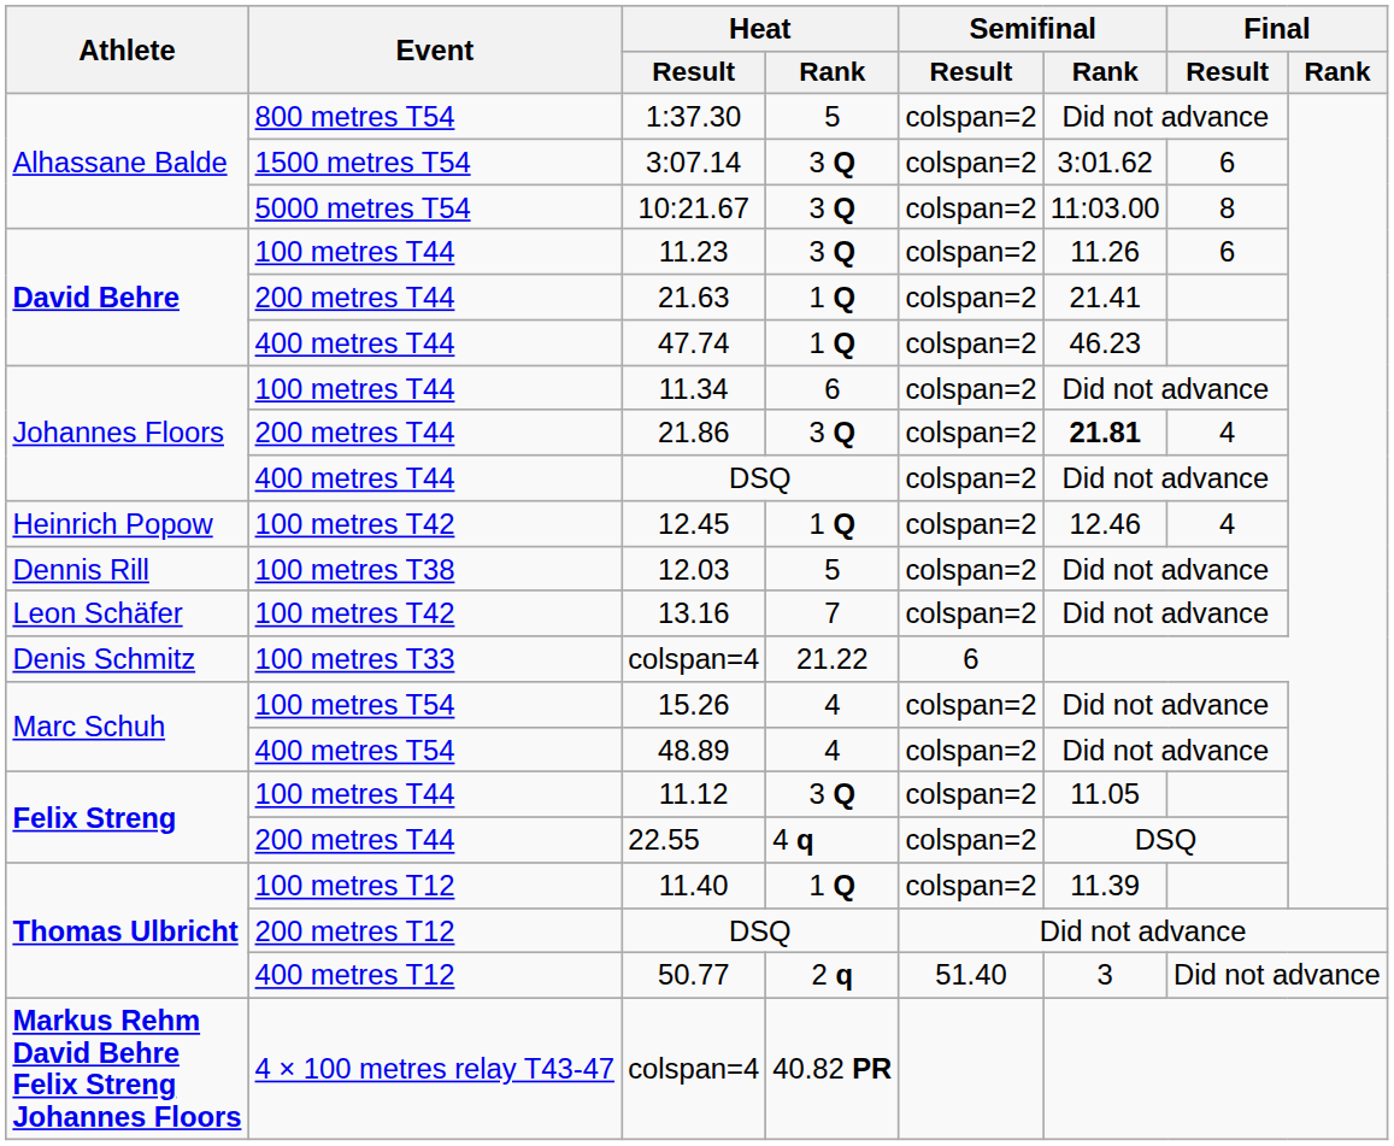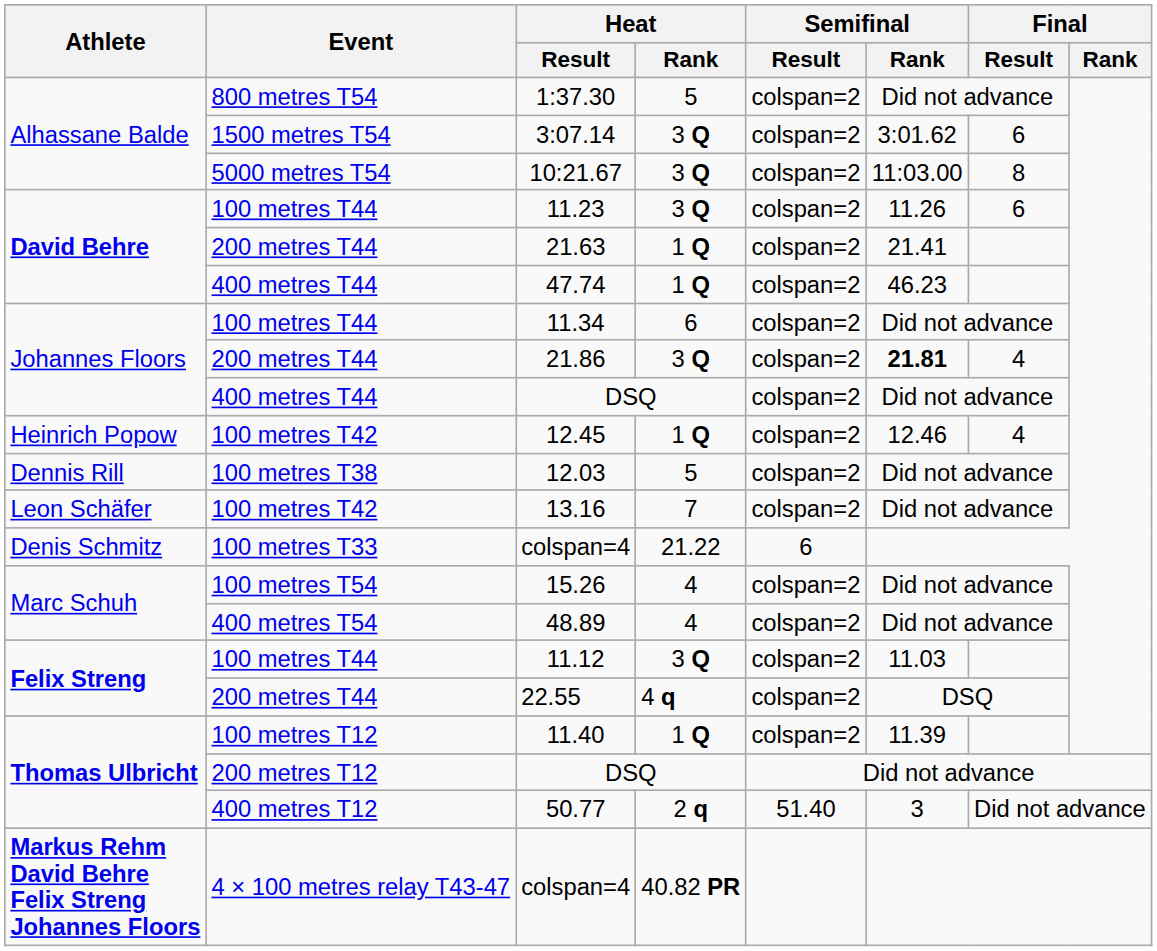 <table class="wikitable" style="font-size:90%">
 <tr>
 <th rowspan="2">Athlete</th>
 <th rowspan="2">Event</th>
 <th colspan="2">Heat</th>
 <th colspan="2">Semifinal</th>
 <th colspan="2">Final</th>
 </tr>
 <tr style="font-size:95%">
 <th>Result</th>
 <th>Rank</th>
 <th>Result</th>
 <th>Rank</th>
 <th>Result</th>
 <th>Rank</th>
 </tr>
 <tr align=center>
 <td align=left rowspan=3><a href='#'>Alhassane Balde</a></td>
 <td align=left><a href='#'>800 metres T54</a></td>
 <td>1:37.30</td>
 <td>5</td>
 <td>colspan=2</td>
 <td colspan=2>Did not advance</td>
 </tr>
 <tr align=center>
 <td align=left><a href='#'>1500 metres T54</a></td>
 <td>3:07.14</td>
 <td>3 <strong>Q</strong></td>
 <td>colspan=2</td>
 <td>3:01.62</td>
 <td>6</td>
 </tr>
 <tr align=center>
 <td align=left><a href='#'>5000 metres T54</a></td>
 <td>10:21.67</td>
 <td>3 <strong>Q</strong></td>
 <td>colspan=2</td>
 <td>11:03.00</td>
 <td>8</td>
 </tr>
 <tr align=center>
 <td align=left rowspan=3><strong><a href='#'>David Behre</a></strong></td>
 <td align=left><a href='#'>100 metres T44</a></td>
 <td>11.23</td>
 <td>3 <strong>Q</strong></td>
 <td>colspan=2</td>
 <td>11.26</td>
 <td>6</td>
 </tr>
 <tr align=center>
 <td align=left><a href='#'>200 metres T44</a></td>
 <td>21.63</td>
 <td>1 <strong>Q</strong></td>
 <td>colspan=2</td>
 <td>21.41</td>
 <td></td>
 </tr>
 <tr align=center>
 <td align=left><a href='#'>400 metres T44</a></td>
 <td>47.74</td>
 <td>1 <strong>Q</strong></td>
 <td>colspan=2</td>
 <td>46.23</td>
 <td></td>
 </tr>
 <tr align=center>
 <td align=left rowspan=3><a href='#'>Johannes Floors</a></td>
 <td align=left><a href='#'>100 metres T44</a></td>
 <td>11.34</td>
 <td>6</td>
 <td>colspan=2</td>
 <td colspan=2>Did not advance</td>
 </tr>
 <tr align=center>
 <td align=left><a href='#'>200 metres T44</a></td>
 <td>21.86</td>
 <td>3 <strong>Q</strong></td>
 <td>colspan=2</td>
 <td><strong>21.81</strong></td>
 <td>4</td>
 </tr>
 <tr align=center>
 <td align=left><a href='#'>400 metres T44</a></td>
 <td colspan=2>DSQ</td>
 <td>colspan=2</td>
 <td colspan=2>Did not advance</td>
 </tr>
 <tr align=center>
 <td align=left><a href='#'>Heinrich Popow</a></td>
 <td align=left><a href='#'>100 metres T42</a></td>
 <td>12.45</td>
 <td>1 <strong>Q</strong></td>
 <td>colspan=2</td>
 <td>12.46</td>
 <td>4</td>
 </tr>
 <tr align=center>
 <td align=left><a href='#'>Dennis Rill</a></td>
 <td align=left><a href='#'>100 metres T38</a></td>
 <td>12.03</td>
 <td>5</td>
 <td>colspan=2</td>
 <td colspan=2>Did not advance</td>
 </tr>
 <tr align=center>
 <td align=left><a href='#'>Leon Schäfer</a></td>
 <td align=left><a href='#'>100 metres T42</a></td>
 <td>13.16</td>
 <td>7</td>
 <td>colspan=2</td>
 <td colspan=2>Did not advance</td>
 </tr>
 <tr align=center>
 <td align=left><a href='#'>Denis Schmitz</a></td>
 <td align=left><a href='#'>100 metres T33</a></td>
 <td>colspan=4</td>
 <td>21.22</td>
 <td>6</td>
 </tr>
 <tr align=center>
 <td align=left rowspan=2><a href='#'>Marc Schuh</a></td>
 <td align=left><a href='#'>100 metres T54</a></td>
 <td>15.26</td>
 <td>4</td>
 <td>colspan=2</td>
 <td colspan=2>Did not advance</td>
 </tr>
 <tr align=center>
 <td align=left><a href='#'>400 metres T54</a></td>
 <td>48.89</td>
 <td>4</td>
 <td>colspan=2</td>
 <td colspan=2>Did not advance</td>
 </tr>
 <tr align=center>
 <td align=left rowspan=2><strong><a href='#'>Felix Streng</a></strong></td>
 <td align=left><a href='#'>100 metres T44</a></td>
 <td>11.12</td>
 <td>3 <strong>Q</strong></td>
 <td>colspan=2</td>
-<td>11.05</td>
+<td>11.03</td>
 <td></td>
 </tr>
 <tr>
 <td align=left><a href='#'>200 metres T44</a></td>
 <td>22.55</td>
 <td>4 <strong>q</strong></td>
 <td>colspan=2</td>
 <td colspan=2 align=center>DSQ</td>
 </tr>
 <tr align=center>
 <td align=left rowspan=3><strong><a href='#'>Thomas Ulbricht</a></strong></td>
 <td align=left><a href='#'>100 metres T12</a></td>
 <td>11.40</td>
 <td>1 <strong>Q</strong></td>
 <td>colspan=2</td>
 <td>11.39</td>
 <td></td>
 </tr>
 <tr align=center>
 <td align=left><a href='#'>200 metres T12</a></td>
 <td colspan=2>DSQ</td>
 <td colspan=4>Did not advance</td>
 </tr>
 <tr align=center>
 <td align=left><a href='#'>400 metres T12</a></td>
 <td>50.77</td>
 <td>2 <strong>q</strong></td>
 <td>51.40</td>
 <td>3</td>
 <td colspan=2>Did not advance</td>
 </tr>
 <tr align=center>
 <td align=left><strong><a href='#'>Markus Rehm</a><br><a href='#'>David Behre</a><br><a href='#'>Felix Streng</a><br><a href='#'>Johannes Floors</a></strong></td>
 <td align=left><a href='#'>4 × 100 metres relay T43-47</a></td>
 <td>colspan=4</td>
 <td>40.82 <strong>PR</strong></td>
 <td></td>
 </tr>
 </table>
